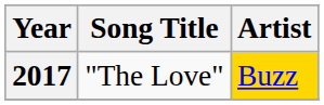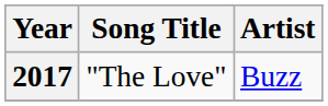 <table class="wikitable plainrowheaders">
 <tr>
 <th>Year</th>
 <th>Song Title</th>
 <th>Artist</th>
 </tr>
 <tr>
 <th scope="row">2017</th>
 <td>"The Love" </td>
-<td style="background: gold;"><a href='#'>Buzz</a></td>
+<td><a href='#'>Buzz</a></td>
 </tr>
 <tr>
 </tr>
 </table>
